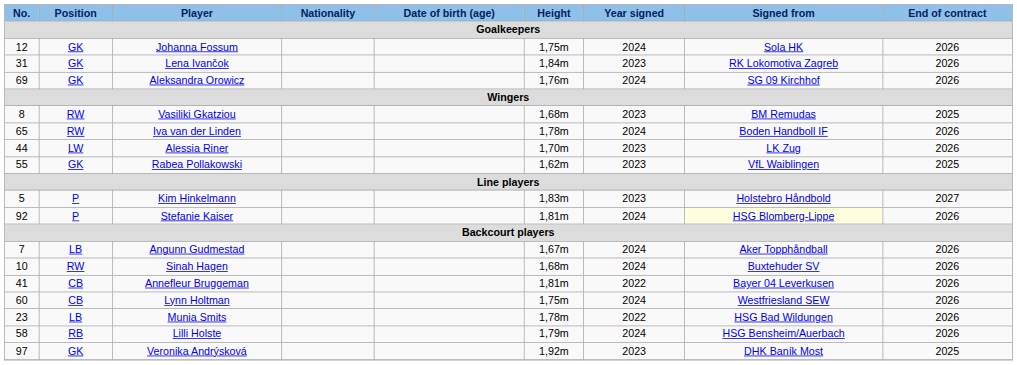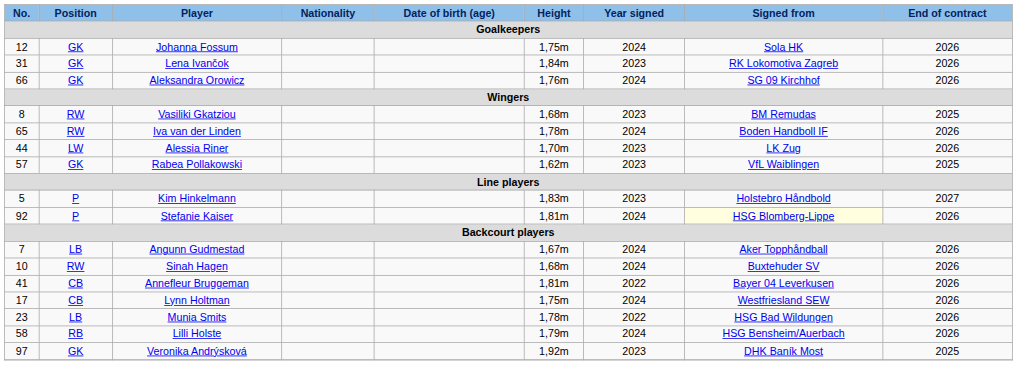 <table class="wikitable" style="text-align:center; font-size:84.5%; width:101%;">
 <tr>
 <th style="background:#8FC0E9;color:#022360; text-align:center;">No.</th>
 <th style="background:#8FC0E9;color:#022360; text-align:center;">Position</th>
 <th style="background:#8FC0E9;color:#022360; text-align:center;">Player</th>
 <th style="background:#8FC0E9;color:#022360; text-align:center;">Nationality</th>
 <th style="background:#8FC0E9;color:#022360; text-align:center;">Date of birth (age)</th>
 <th style="background:#8FC0E9;color:#022360; text-align:center;">Height</th>
 <th style="background:#8FC0E9;color:#022360; text-align:center;">Year signed</th>
 <th style="background:#8FC0E9;color:#022360; text-align:center;">Signed from</th>
 <th style="background:#8FC0E9;color:#022360; text-align:center;">End of contract</th>
 </tr>
 <tr>
 <th colspan="11" style="background:#dcdcdc; tepxt-align:center;">Goalkeepers</th>
 </tr>
 <tr>
 <td>12</td>
 <td><a href='#'>GK</a></td>
 <td><a href='#'>Johanna Fossum</a></td>
 <td></td>
 <td></td>
 <td>1,75m</td>
 <td>2024</td>
 <td> <a href='#'>Sola HK</a></td>
 <td>2026</td>
 </tr>
 <tr>
 <td>31</td>
 <td><a href='#'>GK</a></td>
 <td><a href='#'>Lena Ivančok</a></td>
 <td></td>
 <td></td>
 <td>1,84m</td>
 <td>2023</td>
 <td> <a href='#'>RK Lokomotiva Zagreb</a></td>
 <td>2026</td>
 </tr>
 <tr>
-<td>69</td>
+<td>66</td>
 <td><a href='#'>GK</a></td>
 <td><a href='#'>Aleksandra Orowicz</a></td>
 <td></td>
 <td></td>
 <td>1,76m</td>
 <td>2024</td>
 <td> <a href='#'>SG 09 Kirchhof</a></td>
 <td>2026</td>
 </tr>
 <tr>
 <th colspan="11" style="background:#dcdcdc; tepxt-align:center;">Wingers</th>
 </tr>
 <tr>
 <td>8</td>
 <td><a href='#'>RW</a></td>
 <td><a href='#'>Vasiliki Gkatziou</a></td>
 <td></td>
 <td></td>
 <td>1,68m</td>
 <td>2023</td>
 <td> <a href='#'>BM Remudas</a></td>
 <td>2025</td>
 </tr>
 <tr>
 <td>65</td>
 <td><a href='#'>RW</a></td>
 <td><a href='#'>Iva van der Linden</a></td>
 <td></td>
 <td></td>
 <td>1,78m</td>
 <td>2024</td>
 <td> <a href='#'>Boden Handboll IF</a></td>
 <td>2026</td>
 </tr>
 <tr>
 <td>44</td>
 <td><a href='#'>LW</a></td>
 <td><a href='#'>Alessia Riner</a></td>
 <td></td>
 <td></td>
 <td>1,70m</td>
 <td>2023</td>
 <td> <a href='#'>LK Zug</a></td>
 <td>2026</td>
 </tr>
 <tr>
-<td>55</td>
+<td>57</td>
 <td><a href='#'>GK</a></td>
 <td><a href='#'>Rabea Pollakowski</a></td>
 <td></td>
 <td></td>
 <td>1,62m</td>
 <td>2023</td>
 <td> <a href='#'>VfL Waiblingen</a></td>
 <td>2025</td>
 </tr>
 <tr>
 <th colspan="11" style="background:#dcdcdc; tepxt-align:center;">Line players</th>
 </tr>
 <tr>
 <td>5</td>
 <td><a href='#'>P</a></td>
 <td><a href='#'>Kim Hinkelmann</a></td>
 <td></td>
 <td></td>
 <td>1,83m</td>
 <td>2023</td>
 <td> <a href='#'>Holstebro Håndbold</a></td>
 <td>2027</td>
 </tr>
 <tr>
 <td>92</td>
 <td><a href='#'>P</a></td>
 <td><a href='#'>Stefanie Kaiser</a></td>
 <td></td>
 <td></td>
 <td>1,81m</td>
 <td>2024</td>
 <td style="background: lightyellow;"> <a href='#'>HSG Blomberg-Lippe</a></td>
 <td>2026</td>
 </tr>
 <tr>
 <th colspan="11" style="background:#dcdcdc; tepxt-align:center;">Backcourt players</th>
 </tr>
 <tr>
 <td>7</td>
 <td><a href='#'>LB</a></td>
 <td><a href='#'>Angunn Gudmestad</a></td>
 <td></td>
 <td></td>
 <td>1,67m</td>
 <td>2024</td>
 <td> <a href='#'>Aker Topphåndball</a></td>
 <td>2026</td>
 </tr>
 <tr>
 <td>10</td>
 <td><a href='#'>RW</a></td>
 <td><a href='#'>Sinah Hagen</a></td>
 <td></td>
 <td></td>
 <td>1,68m</td>
 <td>2024</td>
 <td> <a href='#'>Buxtehuder SV</a></td>
 <td>2026</td>
 </tr>
 <tr>
 <td>41</td>
 <td><a href='#'>CB</a></td>
 <td><a href='#'>Annefleur Bruggeman</a></td>
 <td></td>
 <td></td>
 <td>1,81m</td>
 <td>2022</td>
 <td> <a href='#'>Bayer 04 Leverkusen</a></td>
 <td>2026</td>
 </tr>
 <tr>
-<td>60</td>
+<td>17</td>
 <td><a href='#'>CB</a></td>
 <td><a href='#'>Lynn Holtman</a></td>
 <td></td>
 <td></td>
 <td>1,75m</td>
 <td>2024</td>
 <td> <a href='#'>Westfriesland SEW</a></td>
 <td>2026</td>
 </tr>
 <tr>
 <td>23</td>
 <td><a href='#'>LB</a></td>
 <td><a href='#'>Munia Smits</a></td>
 <td></td>
 <td></td>
 <td>1,78m</td>
 <td>2022</td>
 <td> <a href='#'>HSG Bad Wildungen</a></td>
 <td>2026</td>
 </tr>
 <tr>
 <td>58</td>
 <td><a href='#'>RB</a></td>
 <td><a href='#'>Lilli Holste</a></td>
 <td></td>
 <td></td>
 <td>1,79m</td>
 <td>2024</td>
 <td> <a href='#'>HSG Bensheim/Auerbach</a></td>
 <td>2026</td>
 </tr>
 <tr>
 <td>97</td>
 <td><a href='#'>GK</a></td>
 <td><a href='#'>Veronika Andrýsková</a></td>
 <td></td>
 <td></td>
 <td>1,92m</td>
 <td>2023</td>
 <td> <a href='#'>DHK Baník Most</a></td>
 <td>2025</td>
 </tr>
 <tr>
 </tr>
 </table>
